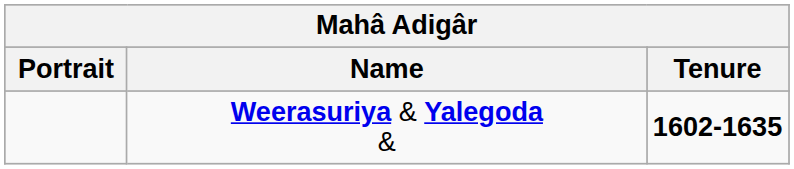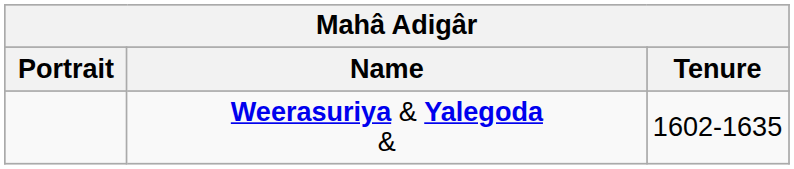 <table class="wikitable" style="text-align:center; border:1px #aaf solid;">
 <tr>
 <th colspan="3">Mahâ Adigâr</th>
 </tr>
 <tr>
 <th>Portrait</th>
 <th width="200">Name<br></th>
 <th>Tenure</th>
 </tr>
 <tr style="height:40px;">
 <td width="65"></td>
 <td width="300"><strong><a href='#'>Weerasuriya</a></strong> & <strong><a href='#'>Yalegoda</a></strong><br> & </td>
-<td class="nowrap"><strong>1602-1635</strong></td>
+<td class="nowrap">1602-1635</td>
 </tr>
 </table>
